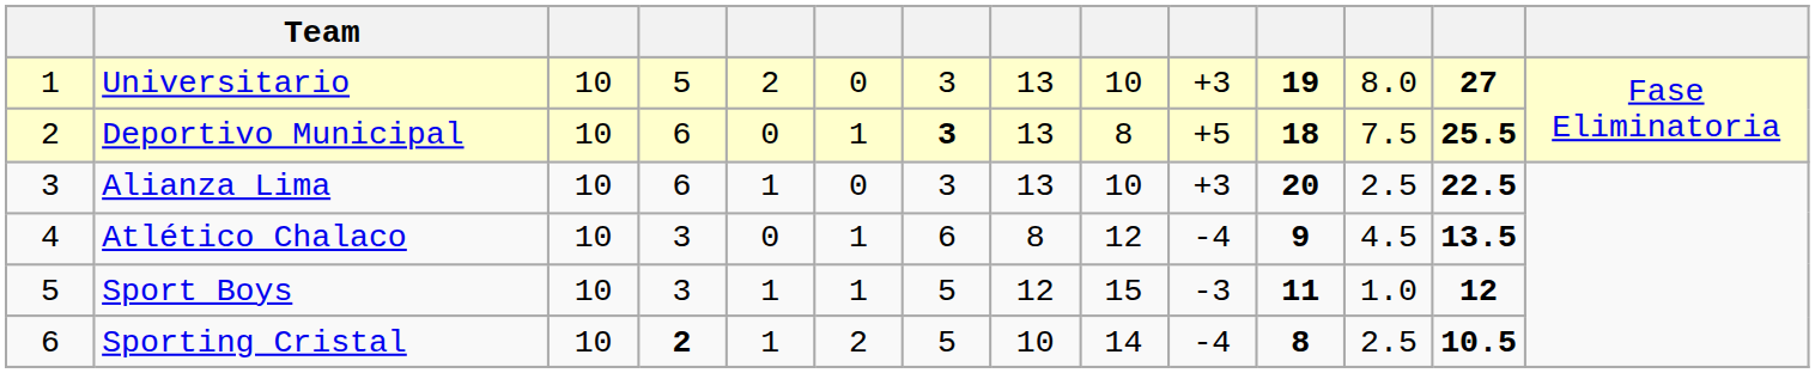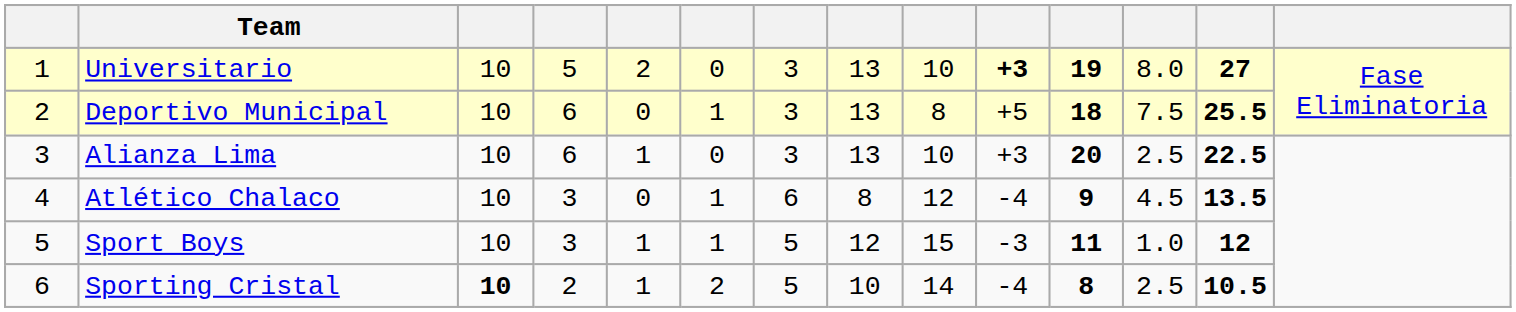 <table class="wikitable" style="text-align:center;">
 <tr>
 <th width="30"></th>
 <th width="180">Team</th>
 <th width="30"></th>
 <th width="30"></th>
 <th width="30"></th>
 <th width="30"></th>
 <th width="30"></th>
 <th width="30"></th>
 <th width="30"></th>
 <th width="30"></th>
 <th width="30"></th>
 <th width="30"></th>
 <th width="30"></th>
 <th width="110"></th>
 </tr>
 <tr bgcolor=#ffffcc>
 <td>1</td>
 <td align=left><a href='#'>Universitario</a></td>
 <td>10</td>
 <td>5</td>
 <td>2</td>
 <td>0</td>
 <td>3</td>
 <td>13</td>
 <td>10</td>
-<td>+3</td>
+<td><strong>+3</strong></td>
 <td><strong>19</strong></td>
 <td>8.0</td>
 <td><strong>27</strong></td>
 <td rowspan=2><a href='#'>Fase Eliminatoria</a></td>
 </tr>
 <tr bgcolor=#ffffcc>
 <td>2</td>
 <td align=left><a href='#'>Deportivo Municipal</a></td>
 <td>10</td>
 <td>6</td>
 <td>0</td>
 <td>1</td>
-<td><strong>3</strong></td>
+<td>3</td>
 <td>13</td>
 <td>8</td>
 <td>+5</td>
 <td><strong>18</strong></td>
 <td>7.5</td>
 <td><strong>25.5</strong></td>
 </tr>
 <tr>
 <td>3</td>
 <td align=left><a href='#'>Alianza Lima</a></td>
 <td>10</td>
 <td>6</td>
 <td>1</td>
 <td>0</td>
 <td>3</td>
 <td>13</td>
 <td>10</td>
 <td>+3</td>
 <td><strong>20</strong></td>
 <td>2.5</td>
 <td><strong>22.5</strong></td>
 </tr>
 <tr>
 <td>4</td>
 <td align=left><a href='#'>Atlético Chalaco</a></td>
 <td>10</td>
 <td>3</td>
 <td>0</td>
 <td>1</td>
 <td>6</td>
 <td>8</td>
 <td>12</td>
 <td>-4</td>
 <td><strong>9</strong></td>
 <td>4.5</td>
 <td><strong>13.5</strong></td>
 </tr>
 <tr>
 <td>5</td>
 <td align=left><a href='#'>Sport Boys</a></td>
 <td>10</td>
 <td>3</td>
 <td>1</td>
 <td>1</td>
 <td>5</td>
 <td>12</td>
 <td>15</td>
 <td>-3</td>
 <td><strong>11</strong></td>
 <td>1.0</td>
 <td><strong>12</strong></td>
 </tr>
 <tr>
 <td>6</td>
 <td align=left><a href='#'>Sporting Cristal</a></td>
-<td>10</td>
-<td><strong>2</strong></td>
+<td><strong>10</strong></td>
+<td>2</td>
 <td>1</td>
 <td>2</td>
 <td>5</td>
 <td>10</td>
 <td>14</td>
 <td>-4</td>
 <td><strong>8</strong></td>
 <td>2.5</td>
 <td><strong>10.5</strong></td>
 </tr>
 </table>
